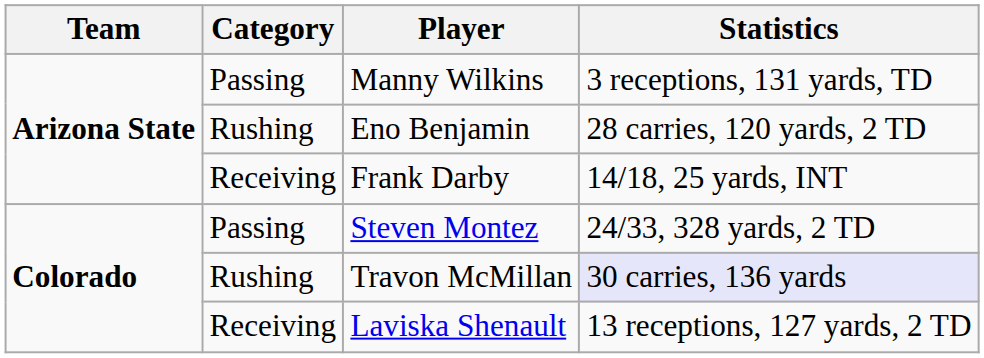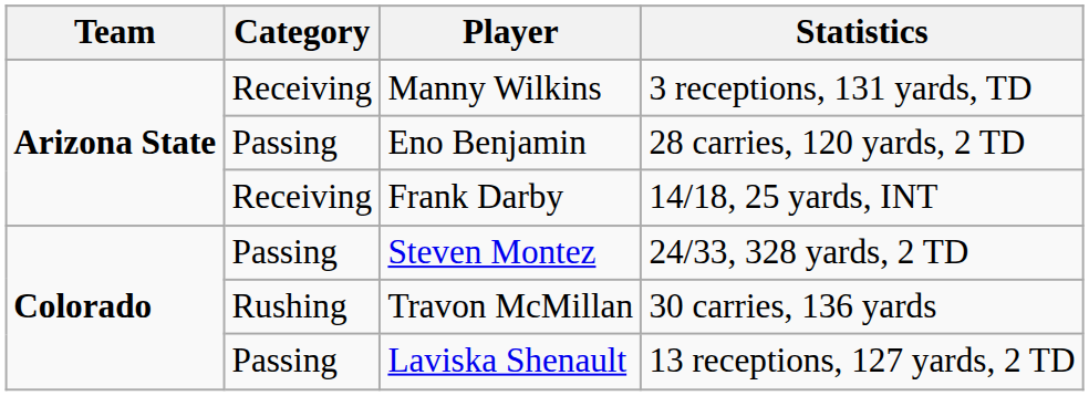 <table class="wikitable" style="float: right;">
 <tr>
 <th>Team</th>
 <th>Category</th>
 <th>Player</th>
 <th>Statistics</th>
 </tr>
 <tr>
 <td rowspan=3><strong>Arizona State</strong></td>
-<td>Passing</td>
+<td>Receiving</td>
 <td>Manny Wilkins</td>
 <td>3 receptions, 131 yards, TD</td>
 </tr>
 <tr>
-<td>Rushing</td>
+<td>Passing</td>
 <td>Eno Benjamin</td>
 <td>28 carries, 120 yards, 2 TD</td>
 </tr>
 <tr>
 <td>Receiving</td>
 <td>Frank Darby</td>
 <td>14/18, 25 yards, INT</td>
 </tr>
 <tr>
 <td rowspan=3><strong>Colorado</strong></td>
 <td>Passing</td>
 <td><a href='#'>Steven Montez</a></td>
 <td>24/33, 328 yards, 2 TD</td>
 </tr>
 <tr>
 <td>Rushing</td>
 <td>Travon McMillan</td>
-<td style="background: lavender;">30 carries, 136 yards</td>
+<td>30 carries, 136 yards</td>
 </tr>
 <tr>
-<td>Receiving</td>
+<td>Passing</td>
 <td><a href='#'>Laviska Shenault</a></td>
 <td>13 receptions, 127 yards, 2 TD</td>
 </tr>
 </table>
